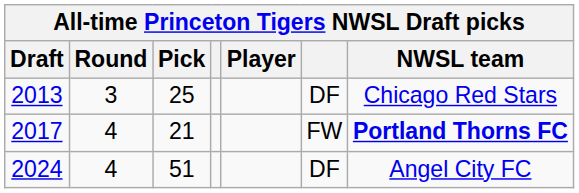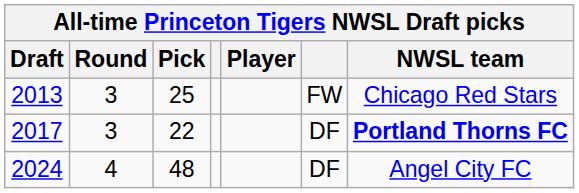 <table class="wikitable sortable" style="text-align: center;">
 <tr>
 <th colspan="7" style="background:#">All-time <a href='#'><span>Princeton Tigers</span></a> NWSL Draft picks</th>
 </tr>
 <tr>
 <th scope="col">Draft</th>
 <th scope="col">Round</th>
 <th scope="col">Pick</th>
 <th scope="col"></th>
 <th scope="col">Player</th>
 <th scope="col"></th>
 <th scope="col">NWSL team</th>
 </tr>
 <tr>
 <td><a href='#'>2013</a></td>
 <td>3</td>
 <td>25</td>
 <td></td>
 <td></td>
-<td>DF</td>
+<td>FW</td>
 <td><a href='#'>Chicago Red Stars</a></td>
 </tr>
 <tr>
 <td><a href='#'>2017</a></td>
-<td>4</td>
-<td>21</td>
+<td>3</td>
+<td>22</td>
 <td></td>
 <td></td>
-<td>FW</td>
+<td>DF</td>
 <td><strong><a href='#'>Portland Thorns FC</a></strong></td>
 </tr>
 <tr>
 <td><a href='#'>2024</a></td>
 <td>4</td>
-<td>51</td>
+<td>48</td>
 <td></td>
 <td></td>
 <td>DF</td>
 <td><a href='#'>Angel City FC</a></td>
 </tr>
 </table>
